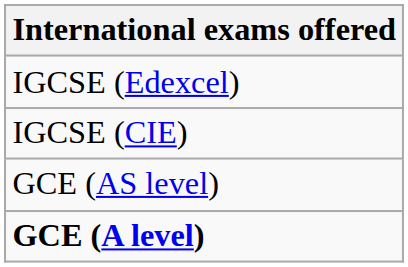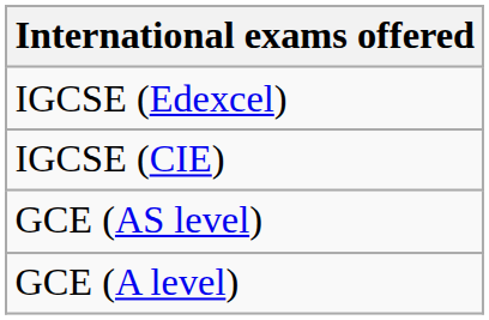 <table class="wikitable">
 <tr>
 <th>International exams offered</th>
 </tr>
 <tr>
 <td>IGCSE (<a href='#'>Edexcel</a>)</td>
 </tr>
 <tr>
 <td>IGCSE (<a href='#'>CIE</a>)</td>
 </tr>
 <tr>
 <td>GCE (<a href='#'>AS level</a>)</td>
 </tr>
 <tr>
-<td><strong>GCE (<a href='#'>A level</a>)</strong></td>
+<td>GCE (<a href='#'>A level</a>)</td>
 </tr>
 </table>
